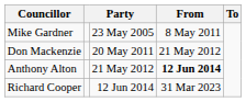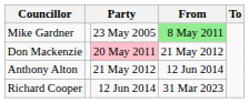 <table class=wikitable>
 <tr>
 <th>Councillor</th>
 <th colspan=2>Party</th>
 <th>From</th>
 <th>To</th>
 </tr>
 <tr>
 <td>Mike Gardner</td>
 <td></td>
 <td align=right>23 May 2005</td>
-<td align=right>8 May 2011</td>
+<td align=right style="background: lightgreen;">8 May 2011</td>
 </tr>
 <tr>
 <td>Don Mackenzie</td>
 <td></td>
-<td align=right>20 May 2011</td>
+<td align=right style="background: pink;">20 May 2011</td>
 <td align=right>21 May 2012</td>
 </tr>
 <tr>
 <td>Anthony Alton</td>
 <td></td>
 <td align=right>21 May 2012</td>
-<td align=right><strong>12 Jun 2014</strong></td>
+<td align=right>12 Jun 2014</td>
 </tr>
 <tr>
 <td>Richard Cooper</td>
 <td></td>
 <td align=right>12 Jun 2014</td>
 <td align=right>31 Mar 2023</td>
 </tr>
 </table>
